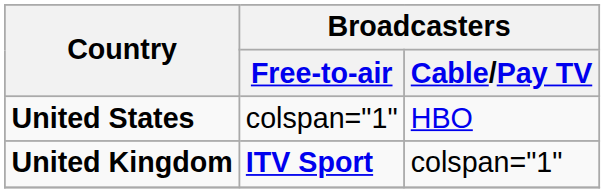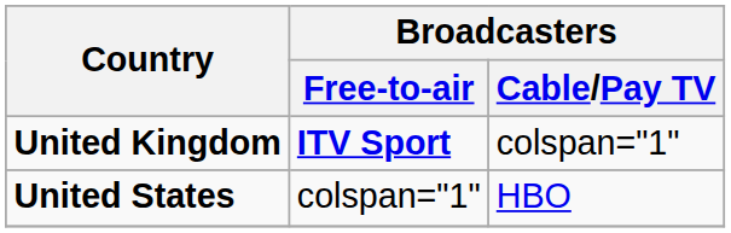 <table class="wikitable">
 <tr>
 <th rowspan="2">Country</th>
 <th colspan="2">Broadcasters</th>
 </tr>
 <tr>
 <th><a href='#'>Free-to-air</a></th>
 <th><a href='#'>Cable</a>/<a href='#'>Pay TV</a></th>
 </tr>
 <tr>
+<td><strong>United Kingdom</strong></td>
+<td><strong><a href='#'>ITV Sport</a></strong></td>
+<td>colspan="1" </td>
+</tr>
+<tr>
 <td><strong>United States</strong></td>
 <td>colspan="1" </td>
 <td><a href='#'>HBO</a></td>
 </tr>
 <tr>
-<td><strong>United Kingdom</strong></td>
-<td><strong><a href='#'>ITV Sport</a></strong></td>
-<td>colspan="1" </td>
-</tr>
-<tr>
 </tr>
 </table>
